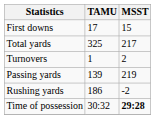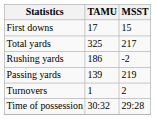 <table class="wikitable">
 <tr>
 <th>Statistics</th>
 <th>TAMU</th>
 <th>MSST</th>
 </tr>
 <tr>
 <td>First downs</td>
 <td>17</td>
 <td>15</td>
 </tr>
 <tr>
 <td>Total yards</td>
 <td>325</td>
 <td>217</td>
 </tr>
 <tr>
-<td>Turnovers</td>
-<td>1</td>
-<td>2</td>
+<td>Rushing yards</td>
+<td>186</td>
+<td>-2</td>
 </tr>
 <tr>
 <td>Passing yards</td>
 <td>139</td>
 <td>219</td>
 </tr>
 <tr>
-<td>Rushing yards</td>
-<td>186</td>
-<td>-2</td>
+<td>Turnovers</td>
+<td>1</td>
+<td>2</td>
 </tr>
 <tr>
 <td>Time of possession</td>
 <td>30:32</td>
-<td><strong>29:28</strong></td>
+<td>29:28</td>
 </tr>
 <tr>
 </tr>
 </table>
